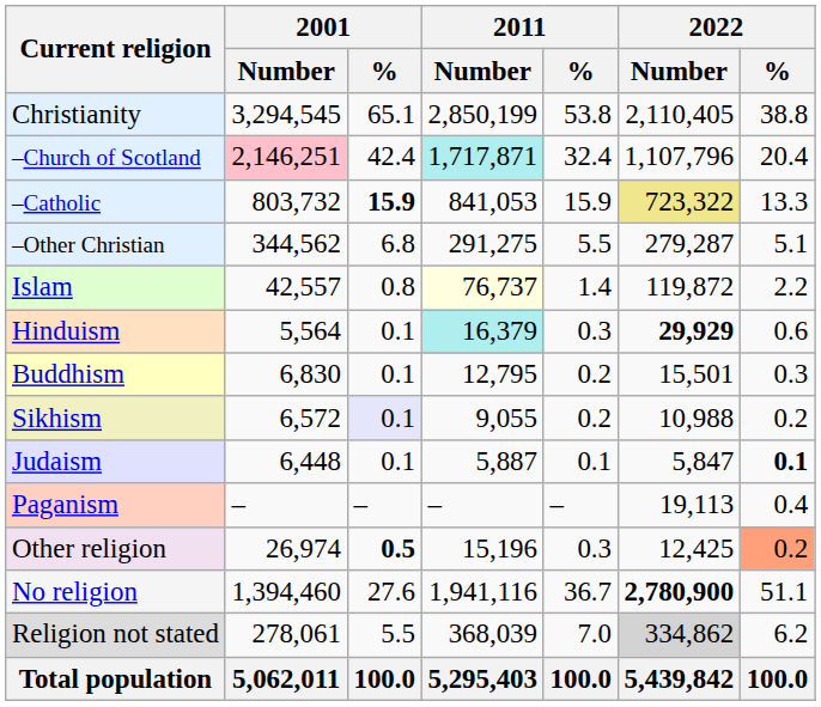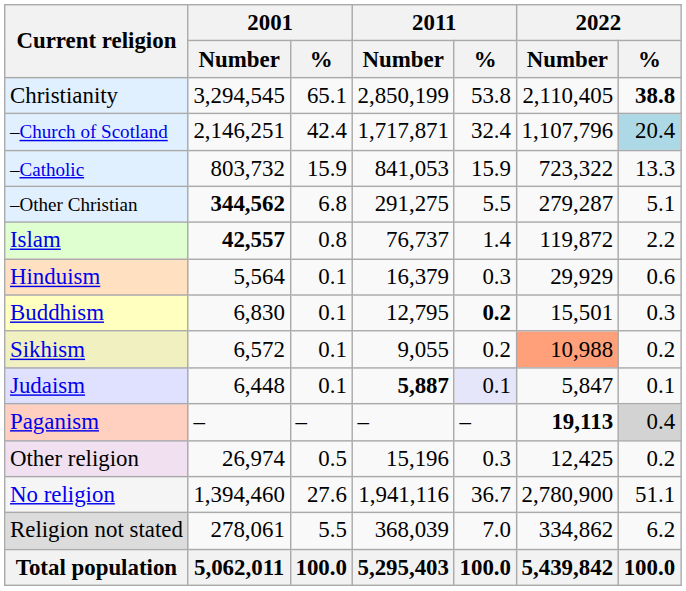 <table class="wikitable sortable">
 <tr>
 <th rowspan="2">Current religion</th>
 <th colspan="2">2001</th>
 <th colspan="2">2011</th>
 <th colspan="2">2022</th>
 </tr>
 <tr>
 <th>Number</th>
 <th>%</th>
 <th>Number</th>
 <th>%</th>
 <th>Number</th>
 <th>%</th>
 </tr>
 <tr>
 <td style="background:#E0F0FF;">Christianity</td>
 <td align=right>3,294,545</td>
 <td align=right>65.1</td>
 <td align=right>2,850,199</td>
 <td align=right>53.8</td>
 <td align=right>2,110,405</td>
-<td align=right>38.8</td>
+<td align=right><strong>38.8</strong></td>
 </tr>
 <tr>
 <td style="background:#E0F0FF;"><small>–<a href='#'>Church of Scotland</a></small></td>
-<td align=right style="background: pink;">2,146,251</td>
+<td align=right>2,146,251</td>
 <td align=right>42.4</td>
-<td align=right style="background: paleturquoise;">1,717,871</td>
+<td align=right>1,717,871</td>
 <td align=right>32.4</td>
 <td align=right>1,107,796</td>
-<td align=right>20.4</td>
+<td align=right style="background: lightblue;">20.4</td>
 </tr>
 <tr>
 <td style="background:#E0F0FF;"><small>–<a href='#'>Catholic</a></small></td>
 <td align=right>803,732</td>
-<td align=right><strong>15.9</strong></td>
+<td align=right>15.9</td>
 <td align=right>841,053</td>
 <td align=right>15.9</td>
-<td align=right style="background: khaki;">723,322</td>
+<td align=right>723,322</td>
 <td align=right>13.3</td>
 </tr>
 <tr>
 <td style="background:#E0F0FF;"><small>–Other Christian</small></td>
-<td align=right>344,562</td>
+<td align=right><strong>344,562</strong></td>
 <td align=right>6.8</td>
 <td align=right>291,275</td>
 <td align=right>5.5</td>
 <td align=right>279,287</td>
 <td align=right>5.1</td>
 </tr>
 <tr>
 <td style="background:#E0FFD0;"><a href='#'>Islam</a></td>
-<td align=right>42,557</td>
+<td align=right><strong>42,557</strong></td>
 <td align=right>0.8</td>
-<td align=right style="background: lightyellow;">76,737</td>
+<td align=right>76,737</td>
 <td align=right>1.4</td>
 <td align=right>119,872</td>
 <td align=right>2.2</td>
 </tr>
 <tr>
 <td style="background:#FFE0C0;"><a href='#'>Hinduism</a></td>
 <td align=right>5,564</td>
 <td align=right>0.1</td>
-<td align=right style="background: paleturquoise;">16,379</td>
+<td align=right>16,379</td>
 <td align=right>0.3</td>
-<td align=right><strong>29,929</strong></td>
+<td align=right>29,929</td>
 <td align=right>0.6</td>
 </tr>
 <tr>
 <td style="background:#FFFFC0;"><a href='#'>Buddhism</a></td>
 <td align=right>6,830</td>
 <td align=right>0.1</td>
 <td align=right>12,795</td>
-<td align=right>0.2</td>
+<td align=right><strong>0.2</strong></td>
 <td align=right>15,501</td>
 <td align=right>0.3</td>
 </tr>
 <tr>
 <td style="background:#F0F0C0;"><a href='#'>Sikhism</a></td>
 <td align=right>6,572</td>
-<td align=right style="background: lavender;">0.1</td>
+<td align=right>0.1</td>
 <td align=right>9,055</td>
 <td align=right>0.2</td>
-<td align=right>10,988</td>
+<td align=right style="background: lightsalmon;">10,988</td>
 <td align=right>0.2</td>
 </tr>
 <tr>
 <td style="background:#E0E0FF;"><a href='#'>Judaism</a></td>
 <td align=right>6,448</td>
 <td align=right>0.1</td>
-<td align=right>5,887</td>
+<td align=right><strong>5,887</strong></td>
+<td align=right style="background: lavender;">0.1</td>
+<td align=right>5,847</td>
 <td align=right>0.1</td>
-<td align=right>5,847</td>
-<td align=right><strong>0.1</strong></td>
 </tr>
 <tr>
 <td style="background:#FFD0C0;"><a href='#'>Paganism</a></td>
 <td>–</td>
 <td>–</td>
 <td>–</td>
 <td>–</td>
-<td align=right>19,113</td>
-<td align=right>0.4</td>
+<td align=right><strong>19,113</strong></td>
+<td align=right style="background: lightgrey;">0.4</td>
 </tr>
 <tr>
 <td style="background:#F0E0F0;">Other religion</td>
 <td align=right>26,974</td>
-<td align=right><strong>0.5</strong></td>
+<td align=right>0.5</td>
 <td align=right>15,196</td>
 <td align=right>0.3</td>
 <td align=right>12,425</td>
-<td align=right style="background: lightsalmon;">0.2</td>
+<td align=right>0.2</td>
 </tr>
 <tr>
 <td style="background:#F5F5F5;"><a href='#'>No religion</a></td>
 <td align=right>1,394,460</td>
 <td align=right>27.6</td>
 <td align=right>1,941,116</td>
 <td align=right>36.7</td>
-<td align=right><strong>2,780,900</strong></td>
+<td align=right>2,780,900</td>
 <td align=right>51.1</td>
 </tr>
 <tr>
 <td style="background:#DCDCDC;">Religion not stated</td>
 <td align=right>278,061</td>
 <td align=right>5.5</td>
 <td align=right>368,039</td>
 <td align=right>7.0</td>
-<td align=right style="background: lightgrey;">334,862</td>
+<td align=right>334,862</td>
 <td align=right>6.2</td>
 </tr>
 <tr>
 <th>Total population</th>
 <th align=right>5,062,011</th>
 <th align=right>100.0</th>
 <th align=right>5,295,403</th>
 <th align=right>100.0</th>
 <th align=right>5,439,842</th>
 <th align=right>100.0</th>
 </tr>
 </table>
